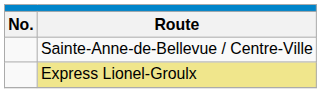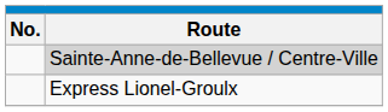 <table align=center class="wikitable">
 <tr>
 <th style="background: #0085CA; font-size:100%; color:#FFFFFF;"colspan="4"><a href='#'></a></th>
 </tr>
 <tr>
 <th>No.</th>
 <th>Route</th>
 </tr>
 <tr>
 <td {{Avoid wrap> </td>
-<td>Sainte-Anne-de-Bellevue / Centre-Ville</td>
+<td style="background: lightgrey;">Sainte-Anne-de-Bellevue / Centre-Ville</td>
 </tr>
 <tr>
 <td></td>
-<td style="background: khaki;">Express Lionel-Groulx</td>
+<td>Express Lionel-Groulx</td>
 </tr>
 <tr>
 </tr>
 </table>
